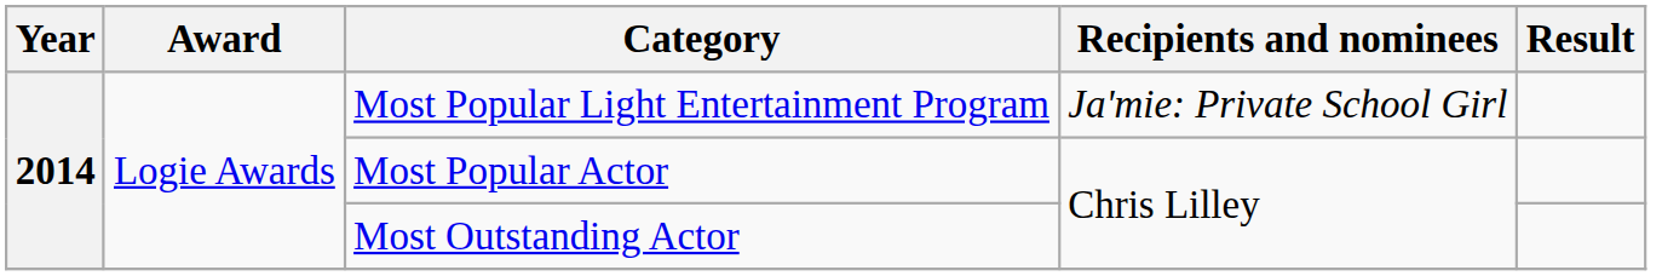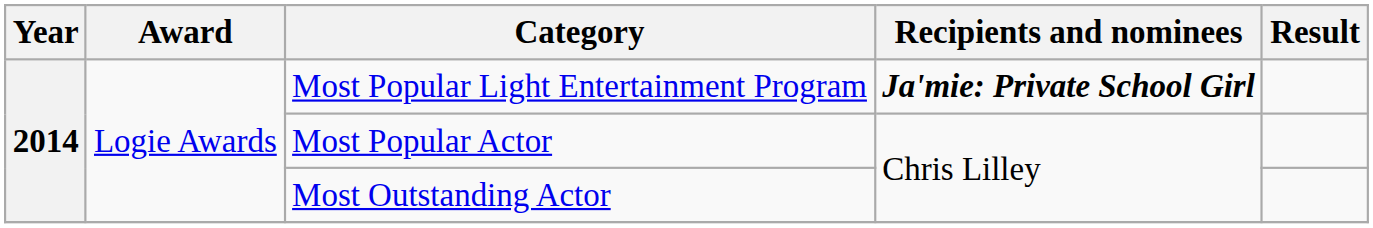 <table class="wikitable plainrowheaders" style="font-size: 95%;">
 <tr>
 <th scope="col">Year</th>
 <th scope="col">Award</th>
 <th scope="col">Category</th>
 <th scope="col">Recipients and nominees</th>
 <th scope="col">Result</th>
 </tr>
 <tr>
 <th scope="row" rowspan="3">2014</th>
 <td rowspan="3"><a href='#'>Logie Awards</a></td>
 <td><a href='#'>Most Popular Light Entertainment Program</a></td>
-<td><em>Ja'mie: Private School Girl</em></td>
+<td><strong><em>Ja'mie: Private School Girl</em></strong></td>
 <td></td>
 </tr>
 <tr>
 <td><a href='#'>Most Popular Actor</a></td>
 <td rowspan="2">Chris Lilley</td>
 <td></td>
 </tr>
 <tr>
 <td><a href='#'>Most Outstanding Actor</a></td>
 <td></td>
 </tr>
 <tr>
 </tr>
 </table>
